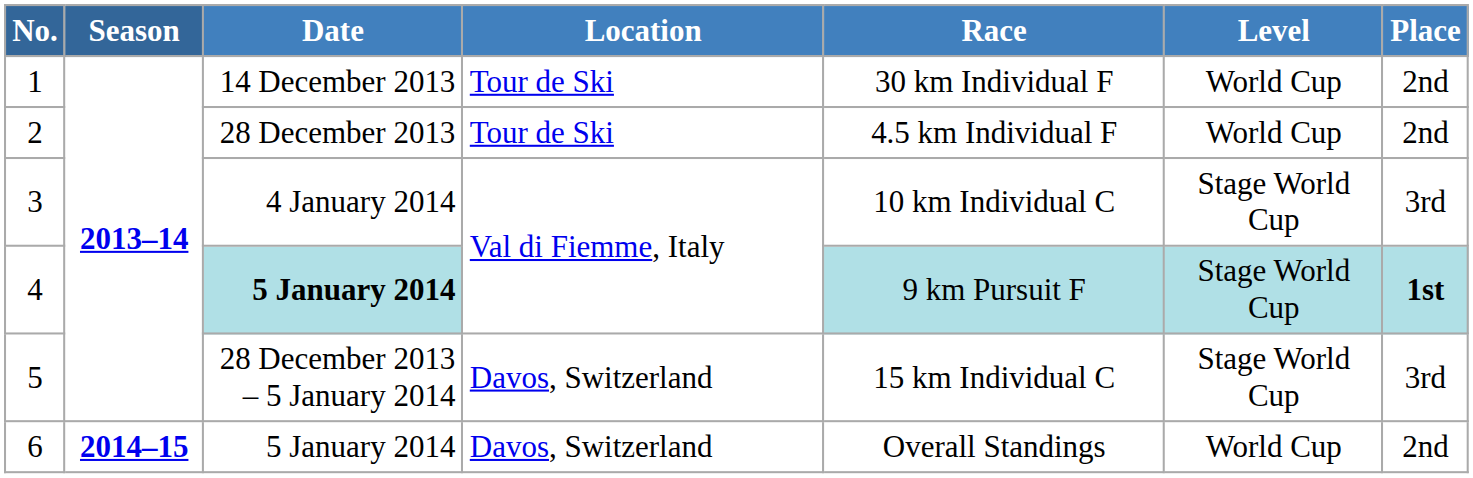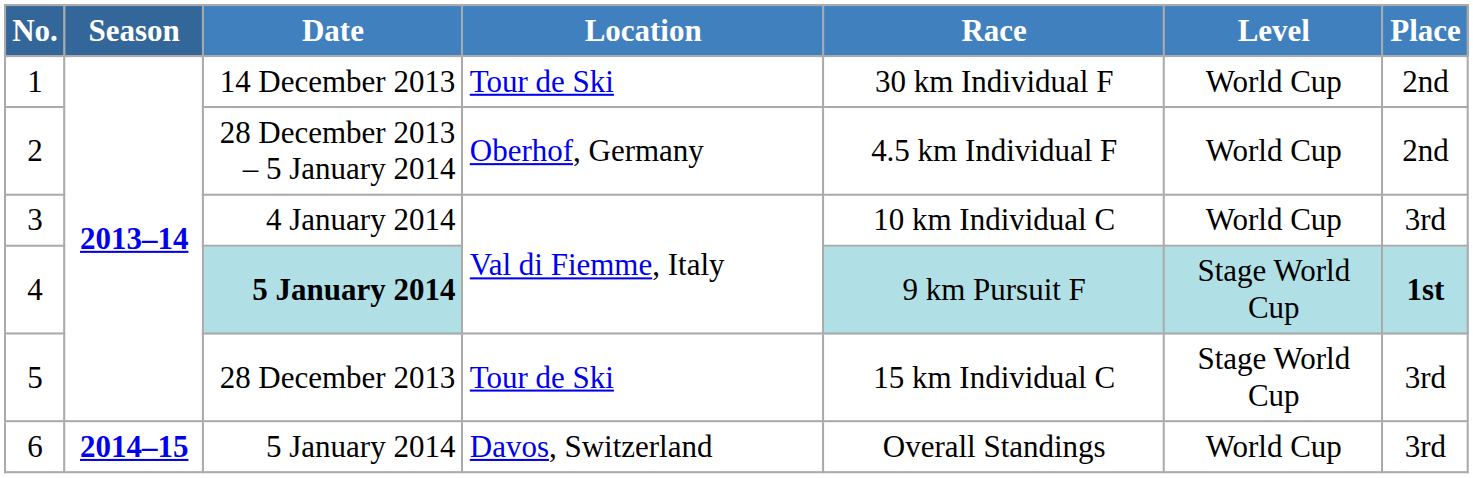 <table class="wikitable sortable" style="font-size:95%; text-align:center; border:grey solid 1px; border-collapse:collapse; background:#ffffff;">
 <tr style="background:#efefef;">
 <th style="background-color:#369; color:white;">No.</th>
 <th style="background-color:#369; color:white;">Season</th>
 <th style="background-color:#4180be; color:white; width:120px;">Date</th>
 <th style="background-color:#4180be; color:white; width:170px;">Location</th>
 <th style="background-color:#4180be; color:white; width:160px;">Race</th>
 <th style="background-color:#4180be; color:white; width:100px;">Level</th>
 <th style="background-color:#4180be; color:white;">Place</th>
 </tr>
 <tr>
 <td align=center>1</td>
 <td rowspan=5 align=center><strong> <a href='#'>2013–14</a> </strong></td>
 <td align=right>14 December 2013</td>
 <td align=left> <a href='#'>Tour de Ski</a></td>
 <td>30 km Individual F</td>
 <td>World Cup</td>
 <td>2nd</td>
 </tr>
 <tr>
 <td align=center>2</td>
-<td align=right>28 December 2013</td>
-<td align=left> <a href='#'>Tour de Ski</a></td>
+<td align=right>28 December 2013<br> – 5 January 2014</td>
+<td align=left> <a href='#'>Oberhof</a>, Germany</td>
 <td>4.5 km Individual F</td>
 <td>World Cup</td>
 <td>2nd</td>
 </tr>
 <tr>
 <td align=center>3</td>
 <td align=right>4 January 2014</td>
 <td rowspan=2 align=left> <a href='#'>Val di Fiemme</a>, Italy</td>
 <td>10 km Individual C</td>
-<td>Stage World Cup</td>
+<td>World Cup</td>
 <td>3rd</td>
 </tr>
 <tr>
 <td align=center>4</td>
 <td bgcolor="#BOEOE6" align=right><strong>5 January 2014</strong></td>
 <td bgcolor="#BOEOE6">9 km Pursuit F</td>
 <td bgcolor="#BOEOE6">Stage World Cup</td>
 <td bgcolor="#BOEOE6"><strong>1st</strong></td>
 </tr>
 <tr>
 <td align=center>5</td>
-<td align=right>28 December 2013<br> – 5 January 2014</td>
-<td align=left> <a href='#'>Davos</a>, Switzerland</td>
+<td align=right>28 December 2013</td>
+<td align=left> <a href='#'>Tour de Ski</a></td>
 <td>15 km Individual C</td>
 <td>Stage World Cup</td>
 <td>3rd</td>
 </tr>
 <tr>
 <td align=center>6</td>
 <td rowspan=1 align=center><strong> <a href='#'>2014–15</a> </strong></td>
 <td align=right>5 January 2014</td>
 <td align=left> <a href='#'>Davos</a>, Switzerland</td>
 <td>Overall Standings</td>
 <td>World Cup</td>
-<td>2nd</td>
+<td>3rd</td>
 </tr>
 </table>
